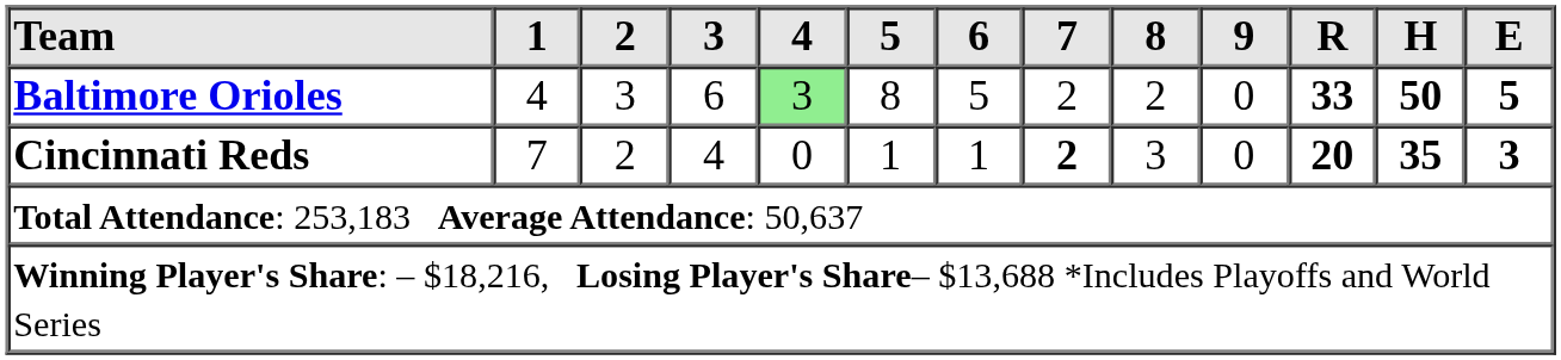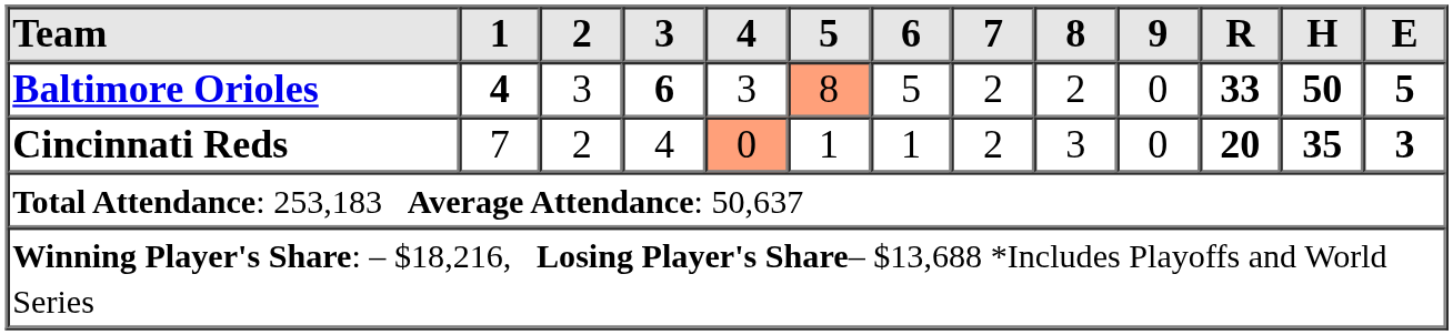 <table border=1 cellspacing=0 width=575 style="margin-left:3em;">
 <tr style="text-align:center; background-color:#e6e6e6;">
 <th align=left width=155>Team</th>
 <th width=25>1</th>
 <th width=25>2</th>
 <th width=25>3</th>
 <th width=25>4</th>
 <th width=25>5</th>
 <th width=25>6</th>
 <th width=25>7</th>
 <th width=25>8</th>
 <th width=25>9</th>
 <th width=25>R</th>
 <th width=25>H</th>
 <th width=25>E</th>
 </tr>
 <tr style="text-align:center;">
 <td align=left><strong><a href='#'>Baltimore Orioles</a></strong></td>
-<td>4</td>
+<td><strong>4</strong></td>
 <td>3</td>
-<td>6</td>
-<td style="background: lightgreen;">3</td>
-<td>8</td>
+<td><strong>6</strong></td>
+<td>3</td>
+<td style="background: lightsalmon;">8</td>
 <td>5</td>
 <td>2</td>
 <td>2</td>
 <td>0</td>
 <td><strong>33</strong></td>
 <td><strong>50</strong></td>
 <td><strong>5</strong></td>
 </tr>
 <tr style="text-align:center;">
 <td align=left><strong>Cincinnati Reds</strong></td>
 <td>7</td>
 <td>2</td>
 <td>4</td>
-<td>0</td>
+<td style="background: lightsalmon;">0</td>
 <td>1</td>
 <td>1</td>
-<td><strong>2</strong></td>
+<td>2</td>
 <td>3</td>
 <td>0</td>
 <td><strong>20</strong></td>
 <td><strong>35</strong></td>
 <td><strong>3</strong></td>
 </tr>
 <tr style="text-align:left;">
 <td colspan=14><small><strong>Total Attendance</strong>: 253,183   <strong>Average Attendance</strong>: 50,637</small></td>
 </tr>
 <tr style="text-align:left;">
 <td colspan=14><small><strong>Winning Player's Share</strong>: – $18,216,   <strong>Losing Player's Share</strong>– $13,688 *Includes Playoffs and World Series</small></td>
 </tr>
 </table>
